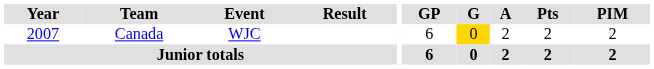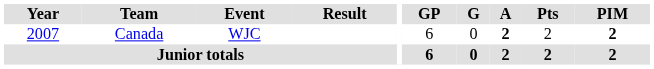 <table border="0" cellpadding="1" cellspacing="0" ID="Table3" style="text-align:center; width:40em">
 <tr ALIGN="center" bgcolor="#e0e0e0">
 <th>Year</th>
 <th>Team</th>
 <th>Event</th>
 <th>Result</th>
 <th rowspan="99" bgcolor="#ffffff"></th>
 <th>GP</th>
 <th>G</th>
 <th>A</th>
 <th>Pts</th>
 <th>PIM</th>
 </tr>
 <tr>
 <td><a href='#'>2007</a></td>
 <td><a href='#'>Canada</a></td>
 <td><a href='#'>WJC</a></td>
 <td></td>
 <td>6</td>
-<td style="background: gold;">0</td>
+<td>0</td>
+<td><strong>2</strong></td>
 <td>2</td>
-<td>2</td>
-<td>2</td>
+<td><strong>2</strong></td>
 </tr>
 <tr bgcolor="#e0e0e0">
 <th colspan=4>Junior totals</th>
 <th>6</th>
 <th>0</th>
 <th>2</th>
 <th>2</th>
 <th>2</th>
 </tr>
 </table>
